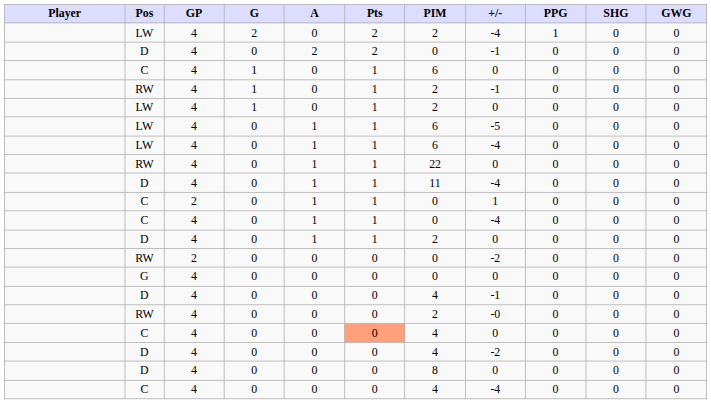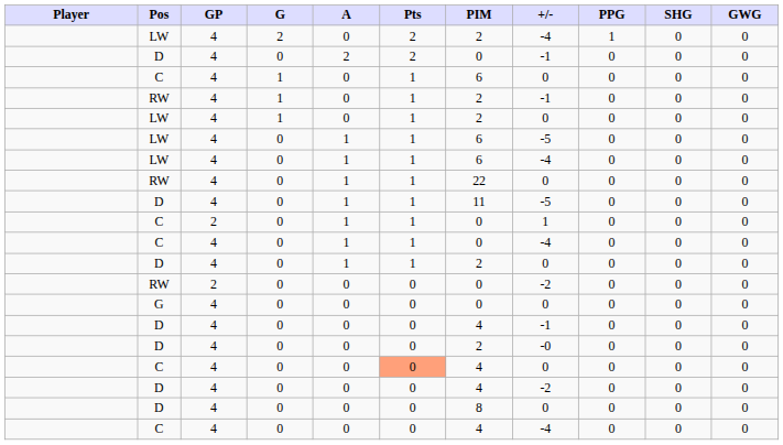 <table style="width:60%;" class="wikitable sortable">
 <tr style="text-align:center;">
 <th style="background:#ddf; width:10%;">Player</th>
 <th style="background:#ddf; width:3%;" title="Position">Pos</th>
 <th style="background:#ddf; width:5%;" title="Games played">GP</th>
 <th style="background:#ddf; width:5%;" title="Goals">G</th>
 <th style="background:#ddf; width:5%;" title="Assists">A</th>
 <th style="background:#ddf; width:5%;" title="Points">Pts</th>
 <th style="background:#ddf; width:5%;" title="Penalties in Minutes">PIM</th>
 <th style="background:#ddf; width:5%;" title="Plus/minus">+/-</th>
 <th style="background:#ddf; width:5%;" title="Power play goals">PPG</th>
 <th style="background:#ddf; width:5%;" title="Short-handed goals">SHG</th>
 <th style="background:#ddf; width:5%;" title="Game-winning goals">GWG</th>
 </tr>
 <tr style="text-align:center;">
 <td style="text-align:right;"></td>
 <td>LW</td>
 <td>4</td>
 <td>2</td>
 <td>0</td>
 <td>2</td>
 <td>2</td>
 <td>-4</td>
 <td>1</td>
 <td>0</td>
 <td>0</td>
 </tr>
 <tr style="text-align:center;">
 <td style="text-align:right;"></td>
 <td>D</td>
 <td>4</td>
 <td>0</td>
 <td>2</td>
 <td>2</td>
 <td>0</td>
 <td>-1</td>
 <td>0</td>
 <td>0</td>
 <td>0</td>
 </tr>
 <tr style="text-align:center;">
 <td style="text-align:right;"></td>
 <td>C</td>
 <td>4</td>
 <td>1</td>
 <td>0</td>
 <td>1</td>
 <td>6</td>
 <td>0</td>
 <td>0</td>
 <td>0</td>
 <td>0</td>
 </tr>
 <tr style="text-align:center;">
 <td style="text-align:right;"></td>
 <td>RW</td>
 <td>4</td>
 <td>1</td>
 <td>0</td>
 <td>1</td>
 <td>2</td>
 <td>-1</td>
 <td>0</td>
 <td>0</td>
 <td>0</td>
 </tr>
 <tr style="text-align:center;">
 <td style="text-align:right;"></td>
 <td>LW</td>
 <td>4</td>
 <td>1</td>
 <td>0</td>
 <td>1</td>
 <td>2</td>
 <td>0</td>
 <td>0</td>
 <td>0</td>
 <td>0</td>
 </tr>
 <tr style="text-align:center;">
 <td style="text-align:right;"></td>
 <td>LW</td>
 <td>4</td>
 <td>0</td>
 <td>1</td>
 <td>1</td>
 <td>6</td>
 <td>-5</td>
 <td>0</td>
 <td>0</td>
 <td>0</td>
 </tr>
 <tr style="text-align:center;">
 <td style="text-align:right;"></td>
 <td>LW</td>
 <td>4</td>
 <td>0</td>
 <td>1</td>
 <td>1</td>
 <td>6</td>
 <td>-4</td>
 <td>0</td>
 <td>0</td>
 <td>0</td>
 </tr>
 <tr style="text-align:center;">
 <td style="text-align:right;"></td>
 <td>RW</td>
 <td>4</td>
 <td>0</td>
 <td>1</td>
 <td>1</td>
 <td>22</td>
 <td>0</td>
 <td>0</td>
 <td>0</td>
 <td>0</td>
 </tr>
 <tr style="text-align:center;">
 <td style="text-align:right;"></td>
 <td>D</td>
 <td>4</td>
 <td>0</td>
 <td>1</td>
 <td>1</td>
 <td>11</td>
-<td>-4</td>
+<td>-5</td>
 <td>0</td>
 <td>0</td>
 <td>0</td>
 </tr>
 <tr style="text-align:center;">
 <td style="text-align:right;"></td>
 <td>C</td>
 <td>2</td>
 <td>0</td>
 <td>1</td>
 <td>1</td>
 <td>0</td>
 <td>1</td>
 <td>0</td>
 <td>0</td>
 <td>0</td>
 </tr>
 <tr style="text-align:center;">
 <td style="text-align:right;"></td>
 <td>C</td>
 <td>4</td>
 <td>0</td>
 <td>1</td>
 <td>1</td>
 <td>0</td>
 <td>-4</td>
 <td>0</td>
 <td>0</td>
 <td>0</td>
 </tr>
 <tr style="text-align:center;">
 <td style="text-align:right;"></td>
 <td>D</td>
 <td>4</td>
 <td>0</td>
 <td>1</td>
 <td>1</td>
 <td>2</td>
 <td>0</td>
 <td>0</td>
 <td>0</td>
 <td>0</td>
 </tr>
 <tr style="text-align:center;">
 <td style="text-align:right;"></td>
 <td>RW</td>
 <td>2</td>
 <td>0</td>
 <td>0</td>
 <td>0</td>
 <td>0</td>
 <td>-2</td>
 <td>0</td>
 <td>0</td>
 <td>0</td>
 </tr>
 <tr style="text-align:center;">
 <td style="text-align:right;"></td>
 <td>G</td>
 <td>4</td>
 <td>0</td>
 <td>0</td>
 <td>0</td>
 <td>0</td>
 <td>0</td>
 <td>0</td>
 <td>0</td>
 <td>0</td>
 </tr>
 <tr style="text-align:center;">
 <td style="text-align:right;"></td>
 <td>D</td>
 <td>4</td>
 <td>0</td>
 <td>0</td>
 <td>0</td>
 <td>4</td>
 <td>-1</td>
 <td>0</td>
 <td>0</td>
 <td>0</td>
 </tr>
 <tr style="text-align:center;">
 <td style="text-align:right;"></td>
-<td>RW</td>
+<td>D</td>
 <td>4</td>
 <td>0</td>
 <td>0</td>
 <td>0</td>
 <td>2</td>
 <td>-0</td>
 <td>0</td>
 <td>0</td>
 <td>0</td>
 </tr>
 <tr style="text-align:center;">
 <td style="text-align:right;"></td>
 <td>C</td>
 <td>4</td>
 <td>0</td>
 <td>0</td>
 <td style="background: lightsalmon;">0</td>
 <td>4</td>
 <td>0</td>
 <td>0</td>
 <td>0</td>
 <td>0</td>
 </tr>
 <tr style="text-align:center;">
 <td style="text-align:right;"></td>
 <td>D</td>
 <td>4</td>
 <td>0</td>
 <td>0</td>
 <td>0</td>
 <td>4</td>
 <td>-2</td>
 <td>0</td>
 <td>0</td>
 <td>0</td>
 </tr>
 <tr style="text-align:center;">
 <td style="text-align:right;"></td>
 <td>D</td>
 <td>4</td>
 <td>0</td>
 <td>0</td>
 <td>0</td>
 <td>8</td>
 <td>0</td>
 <td>0</td>
 <td>0</td>
 <td>0</td>
 </tr>
 <tr style="text-align:center;">
 <td style="text-align:right;"></td>
 <td>C</td>
 <td>4</td>
 <td>0</td>
 <td>0</td>
 <td>0</td>
 <td>4</td>
 <td>-4</td>
 <td>0</td>
 <td>0</td>
 <td>0</td>
 </tr>
 </table>
